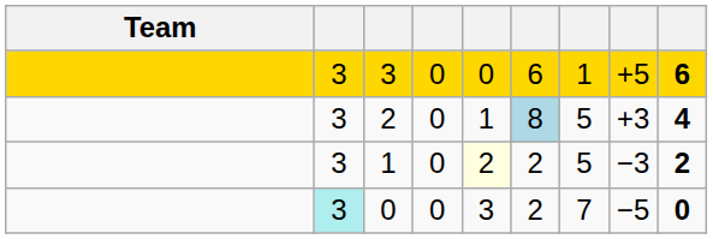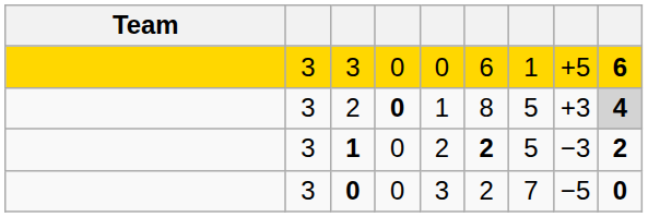 <table class="wikitable" style="text-align:center">
 <tr>
 <th width=165>Team</th>
 <th width=20></th>
 <th width=20></th>
 <th width=20></th>
 <th width=20></th>
 <th width=20></th>
 <th width=20></th>
 <th width=20></th>
 <th width=20></th>
 </tr>
 <tr align=center bgcolor=gold>
 <td align=left></td>
 <td>3</td>
 <td>3</td>
 <td>0</td>
 <td>0</td>
 <td>6</td>
 <td>1</td>
 <td>+5</td>
 <td><strong>6</strong></td>
 </tr>
 <tr align=center>
 <td align=left></td>
 <td>3</td>
 <td>2</td>
-<td>0</td>
+<td><strong>0</strong></td>
 <td>1</td>
-<td style="background: lightblue;">8</td>
+<td>8</td>
 <td>5</td>
 <td>+3</td>
-<td><strong>4</strong></td>
+<td style="background: lightgrey;"><strong>4</strong></td>
 </tr>
 <tr align=center>
 <td align=left></td>
 <td>3</td>
-<td>1</td>
+<td><strong>1</strong></td>
 <td>0</td>
-<td style="background: lightyellow;">2</td>
 <td>2</td>
+<td><strong>2</strong></td>
 <td>5</td>
 <td>−3</td>
 <td><strong>2</strong></td>
 </tr>
 <tr align=center>
 <td align=left></td>
-<td style="background: paleturquoise;">3</td>
-<td>0</td>
+<td>3</td>
+<td><strong>0</strong></td>
 <td>0</td>
 <td>3</td>
 <td>2</td>
 <td>7</td>
 <td>−5</td>
 <td><strong>0</strong></td>
 </tr>
 </table>
